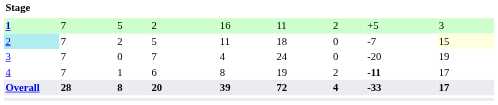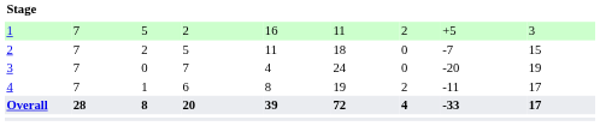 <table class="toccolours" border=0 cellpadding="2" cellspacing="0" style="font-size:95%; text-align:left; width:700px;">
 <tr align="left" style="background:#">
 <th style="width:75px">Stage</th>
 <th></th>
 <th></th>
 <th></th>
 <th></th>
 <th></th>
 <th></th>
 <th></th>
 <th></th>
 <th></th>
 </tr>
 <tr>
 <td colspan = "10"></td>
 </tr>
 <tr>
 </tr>
 <tr style="background:#cfc;">
-<td><strong><a href='#'>1</a></strong></td>
+<td><a href='#'>1</a></td>
 <td>7</td>
 <td>5</td>
 <td>2</td>
 <td></td>
 <td>16</td>
 <td>11</td>
 <td>2</td>
 <td>+5</td>
 <td>3</td>
 </tr>
 <tr>
-<td style="background: paleturquoise;"><a href='#'>2</a></td>
+<td><a href='#'>2</a></td>
 <td>7</td>
 <td>2</td>
 <td>5</td>
 <td></td>
 <td>11</td>
 <td>18</td>
 <td>0</td>
 <td>-7</td>
-<td style="background: lightyellow;">15</td>
+<td>15</td>
 </tr>
 <tr>
 <td><a href='#'>3</a></td>
 <td>7</td>
 <td>0</td>
 <td>7</td>
 <td></td>
 <td>4</td>
 <td>24</td>
 <td>0</td>
 <td>-20</td>
 <td>19</td>
 </tr>
 <tr>
 <td><a href='#'>4</a></td>
 <td>7</td>
 <td>1</td>
 <td>6</td>
 <td></td>
 <td>8</td>
 <td>19</td>
 <td>2</td>
-<td><strong>-11</strong></td>
+<td>-11</td>
 <td>17</td>
 </tr>
 <tr style="background-color:#EAECF0;">
 <th><a href='#'>Overall</a></th>
 <th>28</th>
 <th>8</th>
 <th>20</th>
 <th></th>
 <th>39</th>
 <th>72</th>
 <th>4</th>
 <th>-33</th>
 <th>17</th>
 </tr>
 <tr>
 <td colspan="10"></td>
 </tr>
 <tr align="left" style="background:#EAECF0; color:#000;">
 <td colspan="10" style="text-align:center;"> </td>
 </tr>
 </table>
